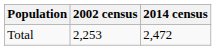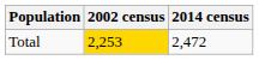 <table class="wikitable">
 <tr>
 <th>Population</th>
 <th>2002 census</th>
 <th>2014 census</th>
 </tr>
 <tr>
 <td>Total</td>
-<td>2,253</td>
+<td style="background: gold;">2,253</td>
 <td>2,472</td>
 </tr>
 </table>
